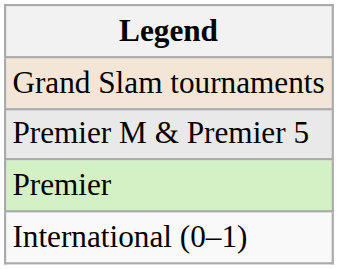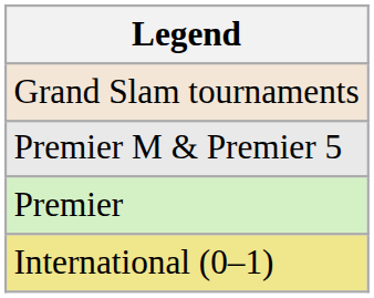 <table class=wikitable style="font-size:90%">
 <tr>
 <th>Legend</th>
 </tr>
 <tr>
 <td style="background:#f3e6d7;">Grand Slam tournaments</td>
 </tr>
 <tr>
 <td style="background:#e9e9e9;">Premier M & Premier 5</td>
 </tr>
 <tr>
 <td style="background:#d4f1c5;">Premier</td>
 </tr>
 <tr>
-<td>International (0–1)</td>
+<td style="background: khaki;">International (0–1)</td>
 </tr>
 </table>
